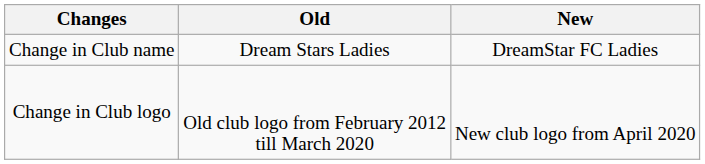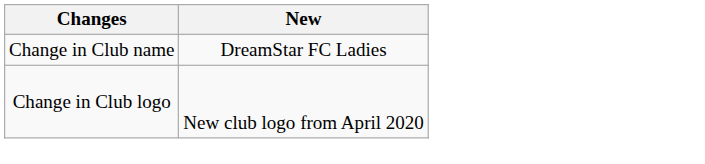 <table class="wikitable" style="text-align:center">
 <tr>
 <th>Changes</th>
-<th>Old</th>
 <th>New</th>
 </tr>
 <tr>
 <td>Change in Club name</td>
-<td rowspan="1">Dream Stars Ladies</td>
 <td rowspan="1">DreamStar FC Ladies</td>
 </tr>
 <tr>
 <td>Change in Club logo</td>
-<td rowspan="1"><br><br>Old club logo from February 2012<br> till March 2020</td>
 <td rowspan="1"><br><br>New club logo from April 2020</td>
 </tr>
 </table>
